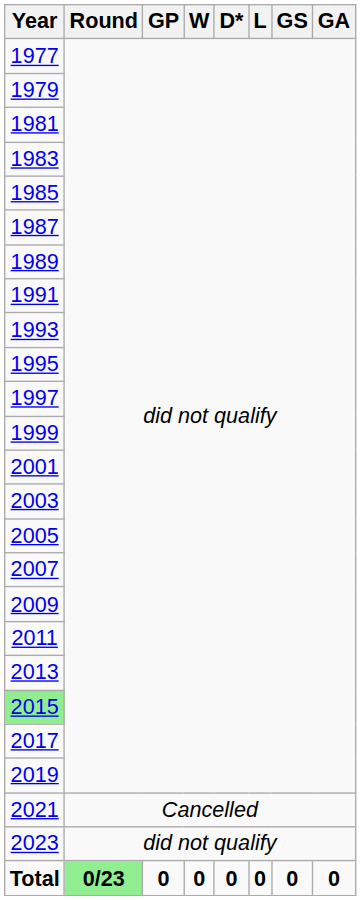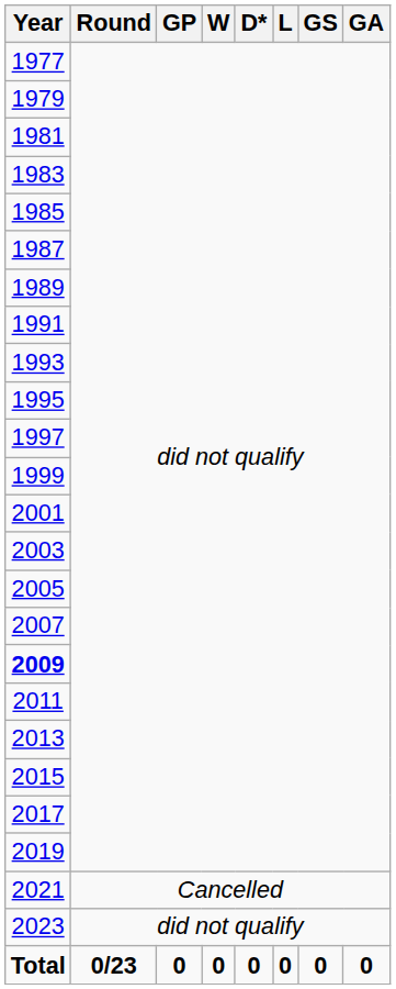 <table class="wikitable" style="text-align: center;">
 <tr>
 <th>Year</th>
 <th>Round</th>
 <th>GP</th>
 <th>W</th>
 <th>D*</th>
 <th>L</th>
 <th>GS</th>
 <th>GA</th>
 </tr>
 <tr>
 <td> <a href='#'>1977</a></td>
 <td rowspan=22 colspan=15><em>did not qualify</em></td>
 </tr>
 <tr>
 <td> <a href='#'>1979</a></td>
 </tr>
 <tr>
 <td> <a href='#'>1981</a></td>
 </tr>
 <tr>
 <td> <a href='#'>1983</a></td>
 </tr>
 <tr>
 <td> <a href='#'>1985</a></td>
 </tr>
 <tr>
 <td> <a href='#'>1987</a></td>
 </tr>
 <tr>
 <td> <a href='#'>1989</a></td>
 </tr>
 <tr>
 <td> <a href='#'>1991</a></td>
 </tr>
 <tr>
 <td> <a href='#'>1993</a></td>
 </tr>
 <tr>
 <td> <a href='#'>1995</a></td>
 </tr>
 <tr>
 <td> <a href='#'>1997</a></td>
 </tr>
 <tr>
 <td> <a href='#'>1999</a></td>
 </tr>
 <tr>
 <td> <a href='#'>2001</a></td>
 </tr>
 <tr>
 <td> <a href='#'>2003</a></td>
 </tr>
 <tr>
 <td> <a href='#'>2005</a></td>
 </tr>
 <tr>
 <td> <a href='#'>2007</a></td>
 </tr>
 <tr>
-<td> <a href='#'>2009</a></td>
+<td><strong> <a href='#'>2009</a></strong></td>
 </tr>
 <tr>
 <td> <a href='#'>2011</a></td>
 </tr>
 <tr>
 <td> <a href='#'>2013</a></td>
 </tr>
 <tr>
-<td style="background: lightgreen;"> <a href='#'>2015</a></td>
+<td> <a href='#'>2015</a></td>
 </tr>
 <tr>
 <td> <a href='#'>2017</a></td>
 </tr>
 <tr>
 <td> <a href='#'>2019</a></td>
 </tr>
 <tr>
 <td> <a href='#'>2021</a></td>
 <td colspan=15><em>Cancelled</em></td>
 </tr>
 <tr>
 <td> <a href='#'>2023</a></td>
 <td colspan=15><em>did not qualify</em></td>
 </tr>
 <tr>
 <td><strong>Total</strong></td>
-<td style="background: lightgreen;"><strong>0/23</strong></td>
+<td><strong>0/23</strong></td>
 <td><strong>0</strong></td>
 <td><strong>0</strong></td>
 <td><strong>0</strong></td>
 <td><strong>0</strong></td>
 <td><strong>0</strong></td>
 <td><strong>0</strong></td>
 </tr>
 </table>
